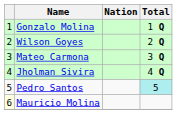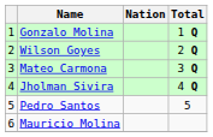 <table class="wikitable" style="text-align:center">
 <tr>
 <th></th>
 <th>Name</th>
 <th>Nation</th>
 <th>Total</th>
 </tr>
 <tr bgcolor=ccffcc>
 <td>1</td>
 <td align=left><a href='#'>Gonzalo Molina</a></td>
 <td align=left></td>
 <td>1 <strong>Q</strong></td>
 </tr>
 <tr bgcolor=ccffcc>
 <td>2</td>
 <td align=left><a href='#'>Wilson Goyes</a></td>
 <td align=left></td>
 <td>2 <strong>Q</strong></td>
 </tr>
 <tr bgcolor=ccffcc>
 <td>3</td>
 <td align=left><a href='#'>Mateo Carmona</a></td>
 <td align=left></td>
 <td>3 <strong>Q</strong></td>
 </tr>
 <tr bgcolor=ccffcc>
 <td>4</td>
 <td align=left><a href='#'>Jholman Sivira</a></td>
 <td align=left></td>
 <td>4 <strong>Q</strong></td>
 </tr>
 <tr>
 <td>5</td>
 <td align=left><a href='#'>Pedro Santos</a></td>
 <td align=left></td>
-<td style="background: paleturquoise;">5</td>
+<td>5</td>
 </tr>
 <tr>
-<td style="background: lightyellow;">6</td>
+<td>6</td>
 <td align=left><a href='#'>Mauricio Molina</a></td>
 <td align=left></td>
 <td></td>
 </tr>
 <tr>
 </tr>
 </table>
